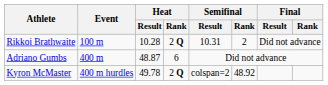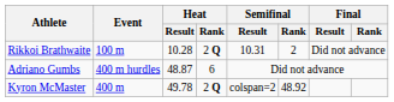 <table class="wikitable" style="font-size:90%; text-align:center">
 <tr>
 <th rowspan=2>Athlete</th>
 <th rowspan=2>Event</th>
 <th colspan=2>Heat</th>
 <th colspan=2>Semifinal</th>
 <th colspan=2>Final</th>
 </tr>
 <tr style="font-size:95%">
 <th>Result</th>
 <th>Rank</th>
 <th>Result</th>
 <th>Rank</th>
 <th>Result</th>
 <th>Rank</th>
 </tr>
 <tr>
 <td align=left><a href='#'>Rikkoi Brathwaite</a></td>
 <td align=left><a href='#'>100 m</a></td>
 <td>10.28</td>
 <td>2 <strong>Q</strong></td>
 <td>10.31</td>
 <td>2</td>
 <td colspan=2>Did not advance</td>
 </tr>
 <tr>
 <td align=left><a href='#'>Adriano Gumbs</a></td>
-<td align=left><a href='#'>400 m</a></td>
+<td align=left><a href='#'>400 m hurdles</a></td>
 <td>48.87</td>
 <td>6</td>
 <td colspan=4>Did not advance</td>
 </tr>
 <tr>
 <td align=left><a href='#'>Kyron McMaster</a></td>
-<td align=left><a href='#'>400 m hurdles</a></td>
+<td align=left><a href='#'>400 m</a></td>
 <td>49.78</td>
 <td>2 <strong>Q</strong></td>
 <td>colspan=2</td>
 <td>48.92</td>
 <td></td>
 </tr>
 </table>
